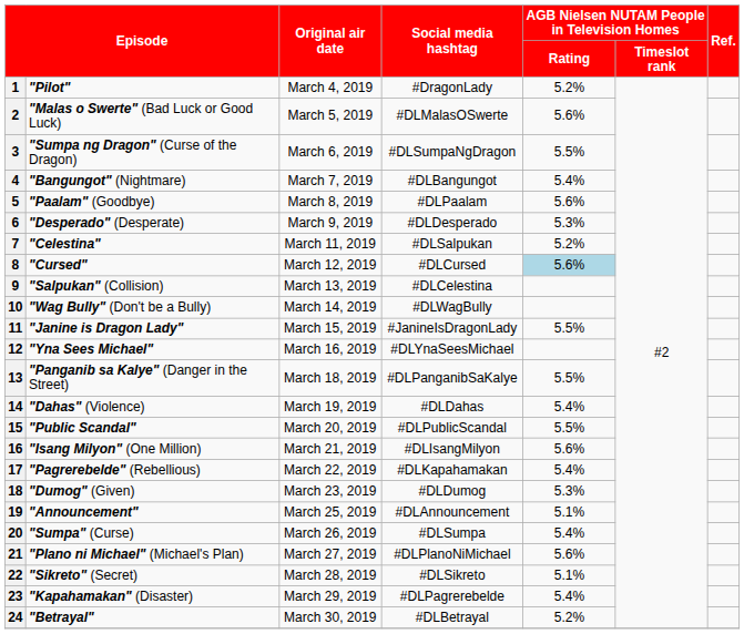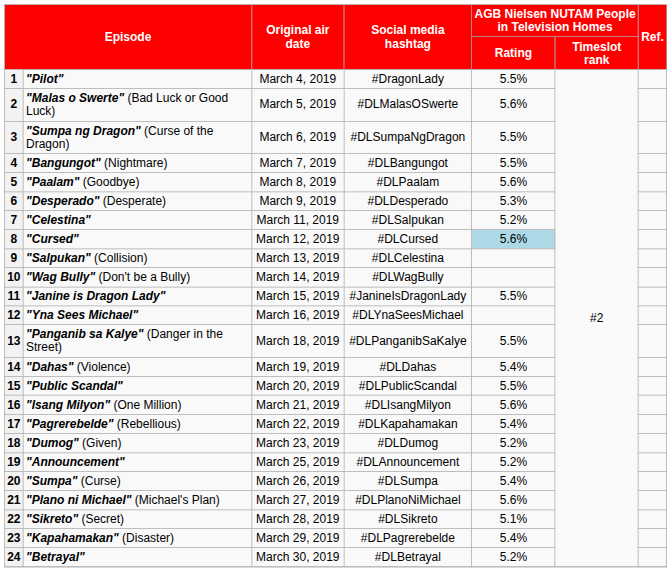 <table class="wikitable" style="text-align:center; font-size:100%; line-height:18px;" width="100%">
 <tr>
 <th style="background-color:#FF0000; color:#ffffff;" colspan="2" rowspan="2">Episode</th>
 <th style="background-color:#FF0000; color:white" rowspan="2">Original air date</th>
 <th style="background-color:#FF0000; color:white" rowspan="2">Social media hashtag</th>
 <th style="background-color:#FF0000; color:#ffffff;" colspan="2">AGB Nielsen NUTAM People in Television Homes</th>
 <th style="background-color:#FF0000;  color:#ffffff;" rowspan="2">Ref.</th>
 </tr>
 <tr>
 <th style="background-color:#FF0000; width:75px; color:#ffffff;">Rating</th>
 <th style="background-color:#FF0000;  width:75px; color:#ffffff;">Timeslot<br>rank</th>
 </tr>
 <tr>
 <th>1</th>
 <td style="text-align: left;"><strong><em>"Pilot"</em></strong></td>
 <td>March 4, 2019</td>
 <td>#DragonLady</td>
-<td>5.2%</td>
+<td>5.5%</td>
 <td rowspan="24">#2</td>
 <td></td>
 </tr>
 <tr>
 <th>2</th>
 <td style="text-align: left;"><strong><em>"Malas o Swerte"</em></strong> (Bad Luck or Good Luck)</td>
 <td>March 5, 2019</td>
 <td>#DLMalasOSwerte</td>
 <td>5.6%</td>
 <td></td>
 </tr>
 <tr>
 <th>3</th>
 <td style="text-align: left;"><strong><em>"Sumpa ng Dragon"</em></strong> (Curse of the Dragon)</td>
 <td>March 6, 2019</td>
 <td>#DLSumpaNgDragon</td>
 <td>5.5%</td>
 <td></td>
 </tr>
 <tr>
 <th>4</th>
 <td style="text-align: left;"><strong><em>"Bangungot"</em></strong> (Nightmare)</td>
 <td>March 7, 2019</td>
 <td>#DLBangungot</td>
-<td>5.4%</td>
+<td>5.5%</td>
 <td></td>
 </tr>
 <tr>
 <th>5</th>
 <td style="text-align: left;"><strong><em>"Paalam"</em></strong> (Goodbye)</td>
 <td>March 8, 2019</td>
 <td>#DLPaalam</td>
 <td>5.6%</td>
 <td></td>
 </tr>
 <tr>
 <th>6</th>
 <td style="text-align: left;"><strong><em>"Desperado"</em></strong> (Desperate)</td>
 <td>March 9, 2019</td>
 <td>#DLDesperado</td>
 <td>5.3%</td>
 <td></td>
 </tr>
 <tr>
 <th>7</th>
 <td style="text-align: left;"><strong><em>"Celestina"</em></strong></td>
 <td>March 11, 2019</td>
 <td>#DLSalpukan</td>
 <td>5.2%</td>
 <td></td>
 </tr>
 <tr>
 <th>8</th>
 <td style="text-align: left;"><strong><em>"Cursed"</em></strong></td>
 <td>March 12, 2019</td>
 <td>#DLCursed</td>
 <td style="background: lightblue;">5.6%</td>
 <td></td>
 </tr>
 <tr>
 <th>9</th>
 <td style="text-align: left;"><strong><em>"Salpukan"</em></strong> (Collision)</td>
 <td>March 13, 2019</td>
 <td>#DLCelestina</td>
 <td></td>
 <td></td>
 </tr>
 <tr>
 <th>10</th>
 <td style="text-align: left;"><strong><em>"Wag Bully"</em></strong> (Don't be a Bully)</td>
 <td>March 14, 2019</td>
 <td>#DLWagBully</td>
 <td></td>
 <td></td>
 </tr>
 <tr>
 <th>11</th>
 <td style="text-align: left;"><strong><em>"Janine is Dragon Lady"</em></strong></td>
 <td>March 15, 2019</td>
 <td>#JanineIsDragonLady</td>
 <td>5.5%</td>
 <td></td>
 </tr>
 <tr>
 <th>12</th>
 <td style="text-align: left;"><strong><em>"Yna Sees Michael"</em></strong></td>
 <td>March 16, 2019</td>
 <td>#DLYnaSeesMichael</td>
 <td></td>
 <td></td>
 </tr>
 <tr>
 <th>13</th>
 <td style="text-align: left;"><strong><em>"Panganib sa Kalye"</em></strong> (Danger in the Street)</td>
 <td>March 18, 2019</td>
 <td>#DLPanganibSaKalye</td>
 <td>5.5%</td>
 <td></td>
 </tr>
 <tr>
 <th>14</th>
 <td style="text-align: left;"><strong><em>"Dahas"</em></strong> (Violence)</td>
 <td>March 19, 2019</td>
 <td>#DLDahas</td>
 <td>5.4%</td>
 <td></td>
 </tr>
 <tr>
 <th>15</th>
 <td style="text-align: left;"><strong><em>"Public Scandal"</em></strong></td>
 <td>March 20, 2019</td>
 <td>#DLPublicScandal</td>
 <td>5.5%</td>
 <td></td>
 </tr>
 <tr>
 <th>16</th>
 <td style="text-align: left;"><strong><em>"Isang Milyon"</em></strong> (One Million)</td>
 <td>March 21, 2019</td>
 <td>#DLIsangMilyon</td>
 <td>5.6%</td>
 <td></td>
 </tr>
 <tr>
 <th>17</th>
 <td style="text-align: left;"><strong><em>"Pagrerebelde"</em></strong> (Rebellious)</td>
 <td>March 22, 2019</td>
 <td>#DLKapahamakan</td>
 <td>5.4%</td>
 <td></td>
 </tr>
 <tr>
 <th>18</th>
 <td style="text-align: left;"><strong><em>"Dumog"</em></strong> (Given)</td>
 <td>March 23, 2019</td>
 <td>#DLDumog</td>
-<td>5.3%</td>
+<td>5.2%</td>
 <td></td>
 </tr>
 <tr>
 <th>19</th>
 <td style="text-align: left;"><strong><em>"Announcement"</em></strong></td>
 <td>March 25, 2019</td>
 <td>#DLAnnouncement</td>
-<td>5.1%</td>
+<td>5.2%</td>
 <td></td>
 </tr>
 <tr>
 <th>20</th>
 <td style="text-align: left;"><strong><em>"Sumpa"</em></strong> (Curse)</td>
 <td>March 26, 2019</td>
 <td>#DLSumpa</td>
 <td>5.4%</td>
 <td></td>
 </tr>
 <tr>
 <th>21</th>
 <td style="text-align: left;"><strong><em>"Plano ni Michael"</em></strong> (Michael's Plan)</td>
 <td>March 27, 2019</td>
 <td>#DLPlanoNiMichael</td>
 <td>5.6%</td>
 <td></td>
 </tr>
 <tr>
 <th>22</th>
 <td style="text-align: left;"><strong><em>"Sikreto"</em></strong> (Secret)</td>
 <td>March 28, 2019</td>
 <td>#DLSikreto</td>
 <td>5.1%</td>
 <td></td>
 </tr>
 <tr>
 <th>23</th>
 <td style="text-align: left;"><strong><em>"Kapahamakan"</em></strong> (Disaster)</td>
 <td>March 29, 2019</td>
 <td>#DLPagrerebelde</td>
 <td>5.4%</td>
 <td></td>
 </tr>
 <tr>
 <th>24</th>
 <td style="text-align: left;"><strong><em>"Betrayal"</em></strong></td>
 <td>March 30, 2019</td>
 <td>#DLBetrayal</td>
 <td>5.2%</td>
 <td></td>
 </tr>
 <tr>
 </tr>
 </table>
